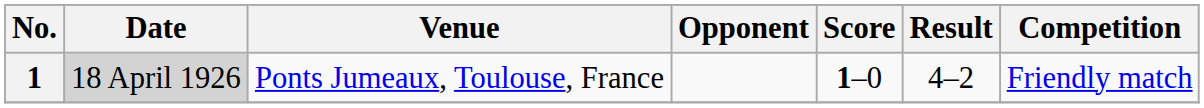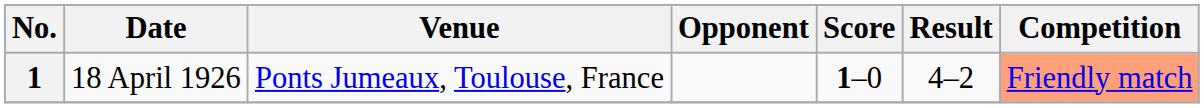 <table class="wikitable sortable plainrowheaders">
 <tr>
 <th scope=col>No.</th>
 <th scope=col>Date</th>
 <th scope=col>Venue</th>
 <th scope=col>Opponent</th>
 <th scope=col>Score</th>
 <th scope=col>Result</th>
 <th scope=col>Competition</th>
 </tr>
 <tr>
 <th scope=row style=text-align:center>1</th>
-<td style="background: lightgrey;">18 April 1926</td>
+<td>18 April 1926</td>
 <td><a href='#'>Ponts Jumeaux</a>, <a href='#'>Toulouse</a>, France</td>
 <td></td>
 <td align=center><strong>1</strong>–0</td>
 <td align=center>4–2</td>
-<td><a href='#'>Friendly match</a></td>
+<td style="background: lightsalmon;"><a href='#'>Friendly match</a></td>
 </tr>
 <tr>
 </tr>
 </table>
